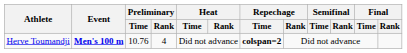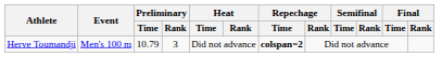 <table class="wikitable" style="font-size:90%">
 <tr>
 <th rowspan=2>Athlete</th>
 <th rowspan=2>Event</th>
 <th colspan=2>Preliminary</th>
 <th colspan=2>Heat</th>
 <th colspan=2>Repechage</th>
 <th colspan=2>Semifinal</th>
 <th colspan=2>Final</th>
 </tr>
 <tr style=font-size:95%>
 <th>Time</th>
 <th>Rank</th>
 <th>Time</th>
 <th>Rank</th>
 <th>Time</th>
 <th>Rank</th>
 <th>Time</th>
 <th>Rank</th>
 <th>Time</th>
 <th>Rank</th>
 </tr>
 <tr align=center>
 <td align=left><a href='#'>Herve Toumandji</a></td>
-<td align=left><strong><a href='#'>Men's 100 m</a></strong></td>
-<td>10.76</td>
-<td>4</td>
+<td align=left><a href='#'>Men's 100 m</a></td>
+<td>10.79</td>
+<td>3</td>
 <td colspan=2>Did not advance</td>
 <td><strong>colspan=2 </strong></td>
 <td colspan=4>Did not advance</td>
 </tr>
 </table>
